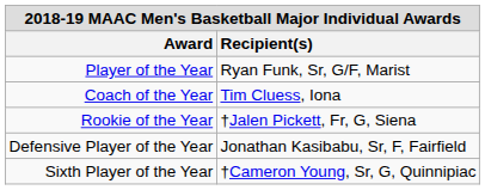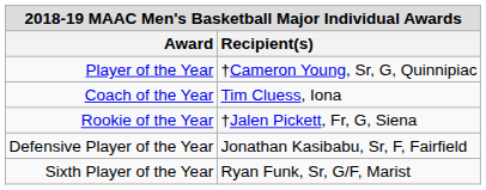 <table class="wikitable" style="white-space:nowrap;font-size:95%;">
 <tr>
 <td colspan="7" style="text-align:center; background:#ddd;"><strong>2018-19 MAAC Men's Basketball Major Individual Awards</strong> </td>
 </tr>
 <tr>
 <th style="text-align:right;">Award</th>
 <th style="text-align:left;">Recipient(s)</th>
 </tr>
 <tr>
 <td style="text-align:right;"><a href='#'>Player of the Year</a></td>
-<td style="text-align:left;">Ryan Funk, Sr, G/F, Marist</td>
+<td style="text-align:left;">†<a href='#'>Cameron Young</a>, Sr, G, Quinnipiac</td>
 </tr>
 <tr>
 <td style="text-align:right;"><a href='#'>Coach of the Year</a></td>
 <td style="text-align:left;"><a href='#'>Tim Cluess</a>, Iona</td>
 </tr>
 <tr>
 <td style="text-align:right;"><a href='#'>Rookie of the Year</a></td>
 <td style="text-align:left;">†<a href='#'>Jalen Pickett</a>, Fr, G, Siena</td>
 </tr>
 <tr>
 <td style="text-align:right;">Defensive Player of the Year</td>
 <td style="text-align:left;">Jonathan Kasibabu, Sr, F, Fairfield</td>
 </tr>
 <tr>
 <td style="text-align:right;">Sixth Player of the Year</td>
-<td style="text-align:left;">†<a href='#'>Cameron Young</a>, Sr, G, Quinnipiac</td>
+<td style="text-align:left;">Ryan Funk, Sr, G/F, Marist</td>
 </tr>
 </table>
